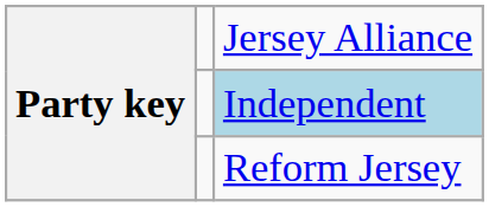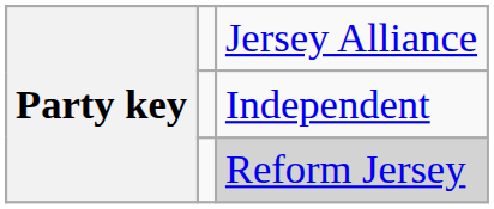 <table class=wikitable>
 <tr>
 <th rowspan=3>Party key</th>
 <td style="background:"></td>
 <td><a href='#'>Jersey Alliance</a></td>
 </tr>
 <tr>
 <td style="background:"></td>
-<td style="background: lightblue;"><a href='#'>Independent</a></td>
+<td><a href='#'>Independent</a></td>
 </tr>
 <tr>
 <td style="background:"></td>
-<td><a href='#'>Reform Jersey</a></td>
+<td style="background: lightgrey;"><a href='#'>Reform Jersey</a></td>
 </tr>
 </table>
